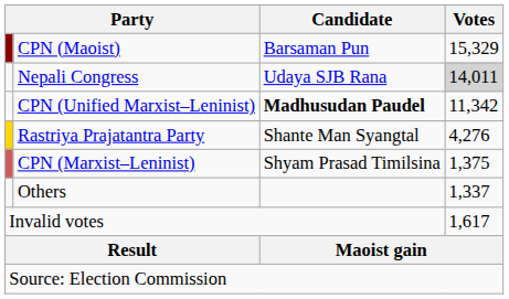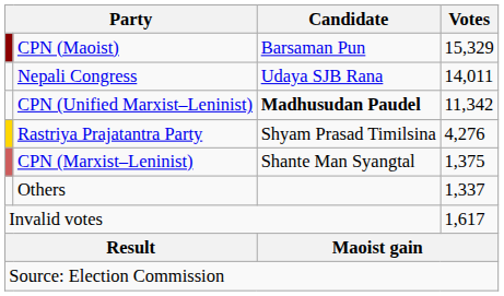 <table class="wikitable">
 <tr>
 <th colspan="2">Party</th>
 <th>Candidate</th>
 <th>Votes</th>
 </tr>
 <tr>
 <td style="background-color:darkred"></td>
 <td><a href='#'>CPN (Maoist)</a></td>
 <td><a href='#'>Barsaman Pun</a></td>
 <td>15,329</td>
 </tr>
 <tr>
 <td style="background-color:"></td>
 <td><a href='#'>Nepali Congress</a></td>
 <td><a href='#'>Udaya SJB Rana</a></td>
-<td style="background: lightgrey;">14,011</td>
+<td>14,011</td>
 </tr>
 <tr>
 <td style="background-color:"></td>
 <td><a href='#'>CPN (Unified Marxist–Leninist)</a></td>
 <td><strong>Madhusudan Paudel</strong></td>
 <td>11,342</td>
 </tr>
 <tr>
 <td style="background-color:gold"></td>
 <td><a href='#'>Rastriya Prajatantra Party</a></td>
-<td>Shante Man Syangtal</td>
+<td>Shyam Prasad Timilsina</td>
 <td>4,276</td>
 </tr>
 <tr>
 <td style="background-color:indianred"></td>
 <td><a href='#'>CPN (Marxist–Leninist)</a></td>
-<td>Shyam Prasad Timilsina</td>
+<td>Shante Man Syangtal</td>
 <td>1,375</td>
 </tr>
 <tr>
 <td></td>
 <td>Others</td>
 <td></td>
 <td>1,337</td>
 </tr>
 <tr>
 <td colspan="3">Invalid votes</td>
 <td>1,617</td>
 </tr>
 <tr>
 <th colspan="2">Result</th>
 <th colspan="2">Maoist gain</th>
 </tr>
 <tr>
 <td colspan="4">Source: Election Commission</td>
 </tr>
 </table>
